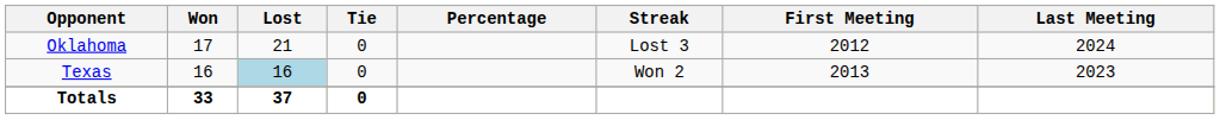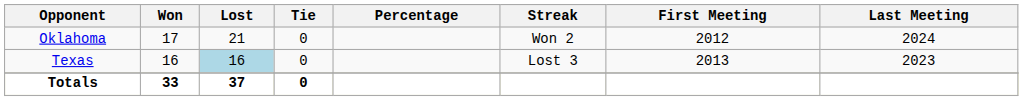 <table cellpadding="1" style="width:75%;" class="wikitable">
 <tr>
 <th>Opponent</th>
 <th>Won</th>
 <th>Lost</th>
 <th>Tie</th>
 <th>Percentage</th>
 <th>Streak</th>
 <th>First Meeting</th>
 <th>Last Meeting</th>
 </tr>
 <tr style="text-align:center;">
 <td><a href='#'>Oklahoma</a></td>
 <td>17</td>
 <td>21</td>
 <td>0</td>
 <td></td>
-<td>Lost 3</td>
+<td>Won 2</td>
 <td>2012</td>
 <td>2024</td>
 </tr>
 <tr style="text-align:center;">
 <td><a href='#'>Texas</a></td>
 <td>16</td>
 <td style="background: lightblue;">16</td>
 <td>0</td>
 <td></td>
-<td>Won 2</td>
+<td>Lost 3</td>
 <td>2013</td>
 <td>2023</td>
 </tr>
 <tr style="text-align:center;">
 </tr>
 <tr class="unsortable" style="text-align:center; background:#CCCC66;">
 <th style="background:white; color:black;"><strong>Totals</strong></th>
 <th style="background:white; color:black;"><strong>33</strong></th>
 <th style="background:white; color:black;"><strong>37</strong></th>
 <th style="background:white; color:black;"><strong>0</strong></th>
 <th style="background:white; color:black;"><strong></strong></th>
 <th style="background:white; color:black;"></th>
 <th style="background:white; color:black;"></th>
 <th style="background:white; color:black;"></th>
 </tr>
 </table>
